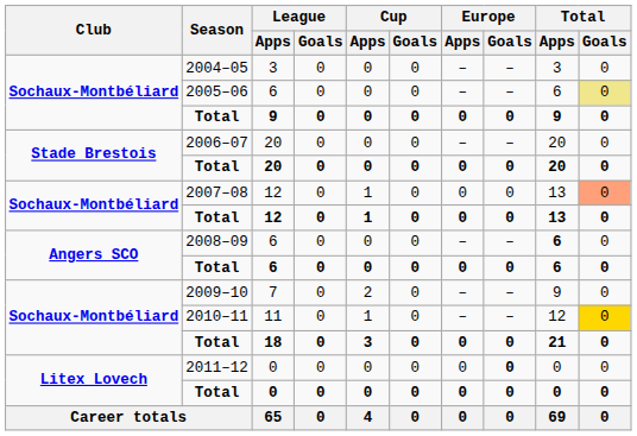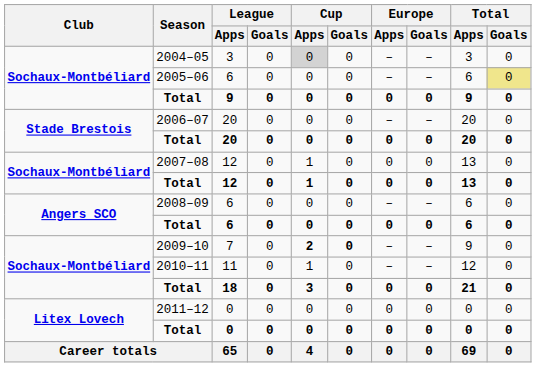 <table class="wikitable" style="font-size:90%; text-align: center;">
 <tr>
 <th rowspan="2">Club</th>
 <th rowspan="2">Season</th>
 <th colspan="2">League</th>
 <th colspan="2">Cup</th>
 <th colspan="2">Europe</th>
 <th colspan="2">Total</th>
 </tr>
 <tr>
 <th>Apps</th>
 <th>Goals</th>
 <th>Apps</th>
 <th>Goals</th>
 <th>Apps</th>
 <th>Goals</th>
 <th>Apps</th>
 <th>Goals</th>
 </tr>
 <tr>
 <td rowspan="3" valign="center"><strong><a href='#'>Sochaux-Montbéliard</a></strong></td>
 <td>2004–05</td>
 <td>3</td>
 <td>0</td>
-<td>0</td>
+<td style="background: lightgrey;">0</td>
 <td>0</td>
 <td>–</td>
 <td>–</td>
 <td>3</td>
 <td>0</td>
 </tr>
 <tr>
 <td>2005–06</td>
 <td>6</td>
 <td>0</td>
 <td>0</td>
 <td>0</td>
 <td>–</td>
 <td>–</td>
 <td>6</td>
 <td style="background: khaki;">0</td>
 </tr>
 <tr>
 <td><strong>Total</strong></td>
 <td><strong>9</strong></td>
 <td><strong>0</strong></td>
 <td><strong>0</strong></td>
 <td><strong>0</strong></td>
 <td><strong>0</strong></td>
 <td><strong>0</strong></td>
 <td><strong>9</strong></td>
 <td><strong>0</strong></td>
 </tr>
 <tr>
 <td rowspan="2" valign="center"><strong><a href='#'>Stade Brestois</a></strong></td>
 <td>2006–07</td>
 <td>20</td>
 <td>0</td>
 <td>0</td>
 <td>0</td>
 <td>–</td>
 <td>–</td>
 <td>20</td>
 <td>0</td>
 </tr>
 <tr>
 <td><strong>Total</strong></td>
 <td><strong>20</strong></td>
 <td><strong>0</strong></td>
 <td><strong>0</strong></td>
 <td><strong>0</strong></td>
 <td><strong>0</strong></td>
 <td><strong>0</strong></td>
 <td><strong>20</strong></td>
 <td><strong>0</strong></td>
 </tr>
 <tr>
 <td rowspan="2" valign="center"><strong><a href='#'>Sochaux-Montbéliard</a></strong></td>
 <td>2007–08</td>
 <td>12</td>
 <td>0</td>
 <td>1</td>
 <td>0</td>
 <td>0</td>
 <td>0</td>
 <td>13</td>
-<td style="background: lightsalmon;">0</td>
+<td>0</td>
 </tr>
 <tr>
 <td><strong>Total</strong></td>
 <td><strong>12</strong></td>
 <td><strong>0</strong></td>
 <td><strong>1</strong></td>
 <td><strong>0</strong></td>
 <td><strong>0</strong></td>
 <td><strong>0</strong></td>
 <td><strong>13</strong></td>
 <td><strong>0</strong></td>
 </tr>
 <tr>
 <td rowspan="2" valign="center"><strong><a href='#'>Angers SCO</a></strong></td>
 <td>2008–09</td>
 <td>6</td>
 <td>0</td>
 <td>0</td>
 <td>0</td>
 <td>–</td>
 <td>–</td>
-<td><strong>6</strong></td>
+<td>6</td>
 <td>0</td>
 </tr>
 <tr>
 <td><strong>Total</strong></td>
 <td><strong>6</strong></td>
 <td><strong>0</strong></td>
 <td><strong>0</strong></td>
 <td><strong>0</strong></td>
 <td><strong>0</strong></td>
 <td><strong>0</strong></td>
 <td><strong>6</strong></td>
 <td><strong>0</strong></td>
 </tr>
 <tr>
 <td rowspan="3" valign="center"><strong><a href='#'>Sochaux-Montbéliard</a></strong></td>
 <td>2009–10</td>
 <td>7</td>
 <td>0</td>
-<td>2</td>
-<td>0</td>
+<td><strong>2</strong></td>
+<td><strong>0</strong></td>
 <td>–</td>
 <td>–</td>
 <td>9</td>
 <td>0</td>
 </tr>
 <tr>
 <td>2010–11</td>
 <td>11</td>
 <td>0</td>
 <td>1</td>
 <td>0</td>
 <td>–</td>
 <td>–</td>
 <td>12</td>
-<td style="background: gold;">0</td>
+<td>0</td>
 </tr>
 <tr>
 <td><strong>Total</strong></td>
 <td><strong>18</strong></td>
 <td><strong>0</strong></td>
 <td><strong>3</strong></td>
 <td><strong>0</strong></td>
 <td><strong>0</strong></td>
 <td><strong>0</strong></td>
 <td><strong>21</strong></td>
 <td><strong>0</strong></td>
 </tr>
 <tr>
 <td rowspan="2" valign="center"><strong><a href='#'>Litex Lovech</a></strong></td>
 <td>2011–12</td>
 <td>0</td>
 <td>0</td>
 <td>0</td>
 <td>0</td>
 <td>0</td>
-<td><strong>0</strong></td>
+<td>0</td>
 <td>0</td>
 <td>0</td>
 </tr>
 <tr>
 <td><strong>Total</strong></td>
 <td><strong>0</strong></td>
 <td><strong>0</strong></td>
 <td><strong>0</strong></td>
 <td><strong>0</strong></td>
 <td><strong>0</strong></td>
 <td><strong>0</strong></td>
 <td><strong>0</strong></td>
 <td><strong>0</strong></td>
 </tr>
 <tr>
 <th colspan="2">Career totals</th>
 <th>65</th>
 <th>0</th>
 <th>4</th>
 <th>0</th>
 <th>0</th>
 <th>0</th>
 <th>69</th>
 <th>0</th>
 </tr>
 </table>
